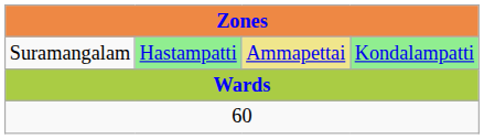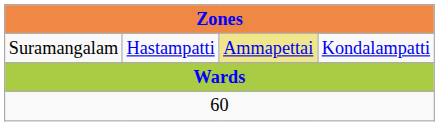 <table class="wikitable">
 <tr>
 <th style="color:blue; background-color:#EE8844;" colspan="4">Zones</th>
 </tr>
 <tr>
 <td>Suramangalam</td>
-<td style="background: lightgreen;"><a href='#'>Hastampatti</a></td>
+<td><a href='#'>Hastampatti</a></td>
 <td style="background: khaki;"><a href='#'>Ammapettai</a></td>
-<td style="background: lightgreen;"><a href='#'>Kondalampatti</a></td>
+<td><a href='#'>Kondalampatti</a></td>
 </tr>
 <tr>
 <th style="color:blue; background-color:#AACC44;" colspan="4">Wards</th>
 </tr>
 <tr>
 <td colspan="4" align="center">60</td>
 </tr>
 </table>
